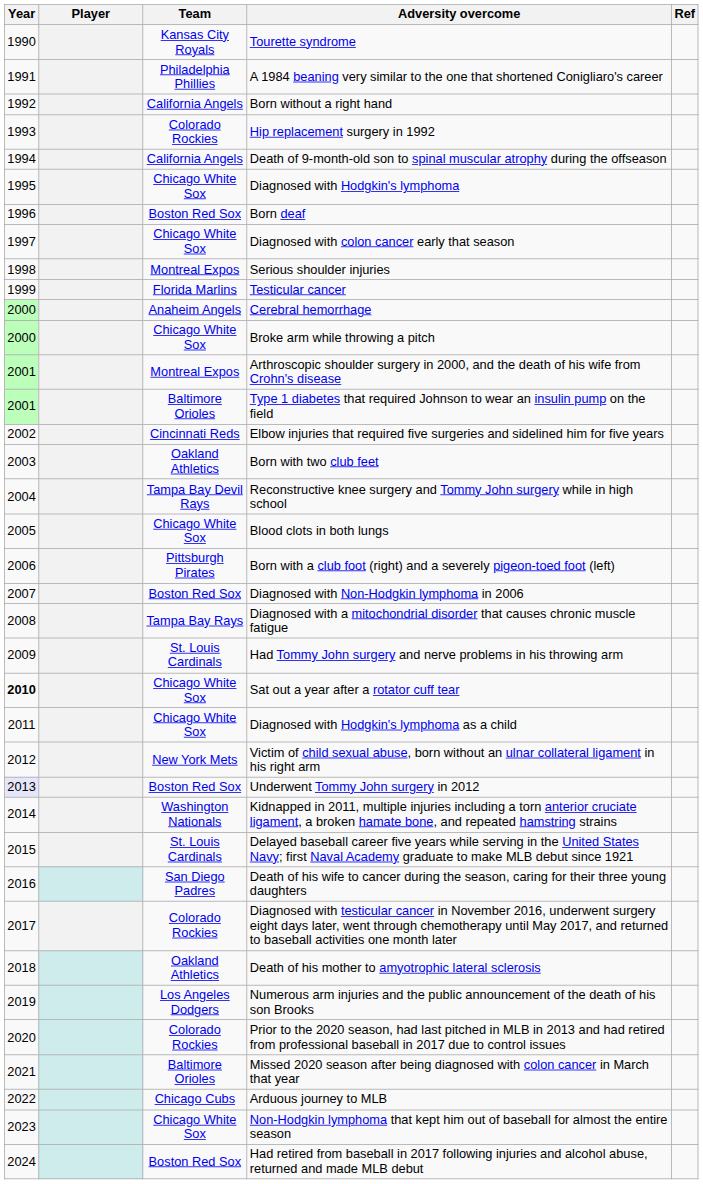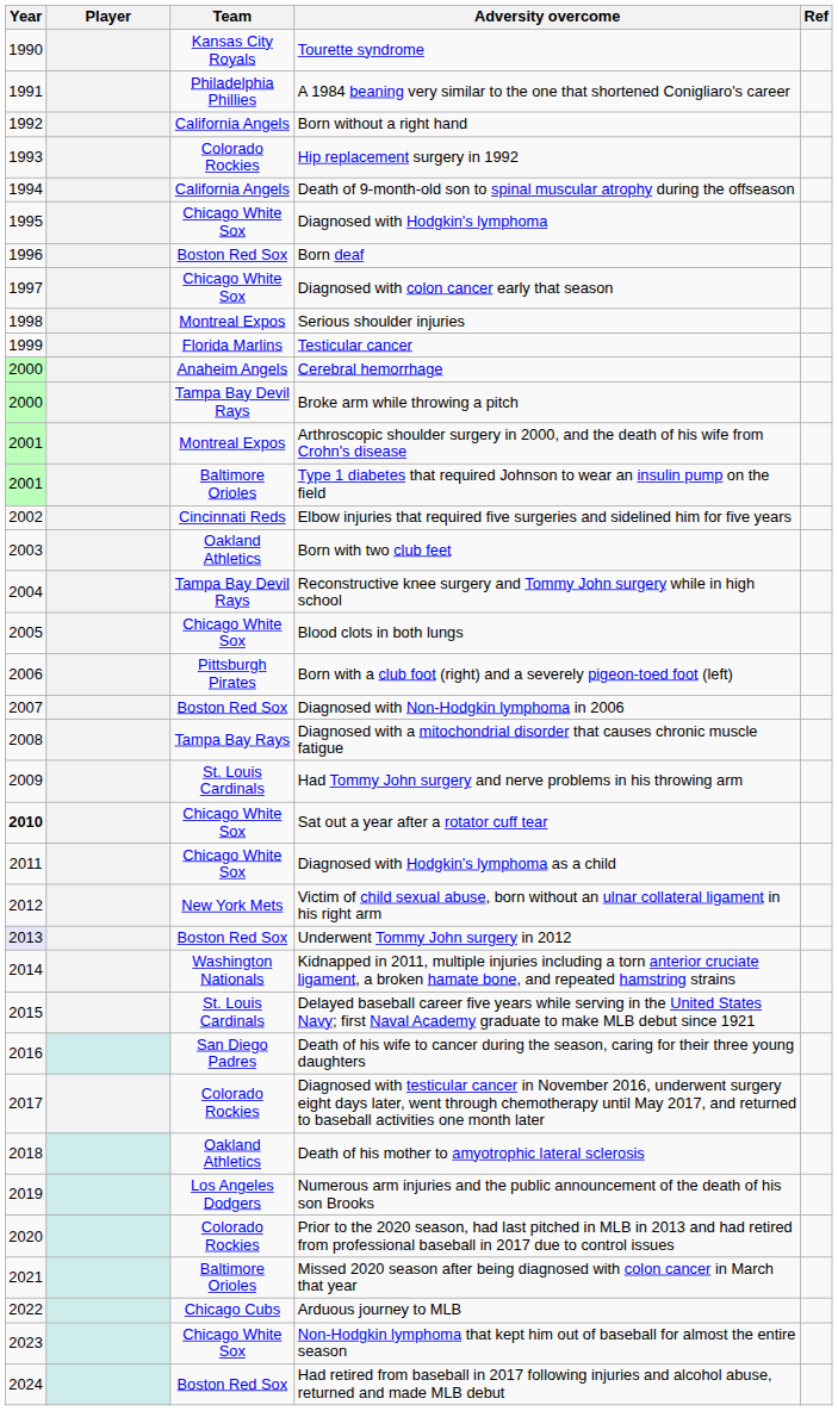 <table class="wikitable sortable plainrowheaders" style="text-align:center">
 <tr>
 <th scope"col">Year</th>
 <th scope"col" width=15%>Player</th>
 <th scope"col" width=15%>Team</th>
 <th scope"col" class=unsortable>Adversity overcome</th>
 <th scope"col" class=unsortable>Ref</th>
 </tr>
 <tr>
 <td>1990</td>
 <th scope="row" style="text-align:center;"></th>
 <td><a href='#'>Kansas City Royals</a></td>
 <td align=left><a href='#'>Tourette syndrome</a></td>
 <td></td>
 </tr>
 <tr>
 <td>1991</td>
 <th scope="row" style="text-align:center;"></th>
 <td><a href='#'>Philadelphia Phillies</a></td>
 <td align=left>A 1984 <a href='#'>beaning</a> very similar to the one that shortened Conigliaro's career</td>
 <td></td>
 </tr>
 <tr>
 <td>1992</td>
 <th scope="row" style="text-align:center;"></th>
 <td><a href='#'>California Angels</a></td>
 <td align=left>Born without a right hand</td>
 <td></td>
 </tr>
 <tr>
 <td>1993</td>
 <th scope="row" style="text-align:center;"></th>
 <td><a href='#'>Colorado Rockies</a></td>
 <td align=left><a href='#'>Hip replacement</a> surgery in 1992</td>
 <td></td>
 </tr>
 <tr>
 <td>1994</td>
 <th scope="row" style="text-align:center;"></th>
 <td><a href='#'>California Angels</a></td>
 <td align=left>Death of 9-month-old son to <a href='#'>spinal muscular atrophy</a> during the offseason</td>
 <td></td>
 </tr>
 <tr>
 <td>1995</td>
 <th scope="row" style="text-align:center;"></th>
 <td><a href='#'>Chicago White Sox</a></td>
 <td align=left>Diagnosed with <a href='#'>Hodgkin's lymphoma</a></td>
 <td></td>
 </tr>
 <tr>
 <td>1996</td>
 <th scope="row" style="text-align:center;"></th>
 <td><a href='#'>Boston Red Sox</a></td>
 <td align=left>Born <a href='#'>deaf</a></td>
 <td></td>
 </tr>
 <tr>
 <td>1997</td>
 <th scope="row" style="text-align:center;"></th>
 <td><a href='#'>Chicago White Sox</a></td>
 <td align=left>Diagnosed with <a href='#'>colon cancer</a> early that season</td>
 <td></td>
 </tr>
 <tr>
 <td>1998</td>
 <th scope="row" style="text-align:center;"></th>
 <td><a href='#'>Montreal Expos</a></td>
 <td align=left>Serious shoulder injuries</td>
 <td></td>
 </tr>
 <tr>
 <td>1999</td>
 <th scope="row" style="text-align:center;"></th>
 <td><a href='#'>Florida Marlins</a></td>
 <td align=left><a href='#'>Testicular cancer</a></td>
 <td></td>
 </tr>
 <tr>
 <td style="background:#bfb;">2000</td>
 <th scope="row" style="text-align:center;"></th>
 <td><a href='#'>Anaheim Angels</a></td>
 <td align=left><a href='#'>Cerebral hemorrhage</a></td>
 <td></td>
 </tr>
 <tr>
 <td style="background:#bfb;">2000</td>
 <th scope="row" style="text-align:center;"></th>
-<td><a href='#'>Chicago White Sox</a></td>
+<td><a href='#'>Tampa Bay Devil Rays</a></td>
 <td align=left>Broke arm while throwing a pitch</td>
 <td></td>
 </tr>
 <tr>
 <td style="background:#bfb;">2001</td>
 <th scope="row" style="text-align:center;"></th>
 <td><a href='#'>Montreal Expos</a></td>
 <td align=left>Arthroscopic shoulder surgery in 2000, and the death of his wife from <a href='#'>Crohn's disease</a></td>
 <td></td>
 </tr>
 <tr>
 <td style="background:#bfb;">2001</td>
 <th scope="row" style="text-align:center;"></th>
 <td><a href='#'>Baltimore Orioles</a></td>
 <td align=left><a href='#'>Type 1 diabetes</a> that required Johnson to wear an <a href='#'>insulin pump</a> on the field</td>
 <td></td>
 </tr>
 <tr>
 <td>2002</td>
 <th scope="row" style="text-align:center;"></th>
 <td><a href='#'>Cincinnati Reds</a></td>
 <td align=left>Elbow injuries that required five surgeries and sidelined him for five years</td>
 <td></td>
 </tr>
 <tr>
 <td>2003</td>
 <th scope="row" style="text-align:center;"></th>
 <td><a href='#'>Oakland Athletics</a></td>
 <td align=left>Born with two <a href='#'>club feet</a></td>
 <td></td>
 </tr>
 <tr>
 <td>2004</td>
 <th scope="row" style="text-align:center;"></th>
 <td><a href='#'>Tampa Bay Devil Rays</a></td>
 <td align=left>Reconstructive knee surgery and <a href='#'>Tommy John surgery</a> while in high school</td>
 <td></td>
 </tr>
 <tr>
 <td>2005</td>
 <th scope="row" style="text-align:center;"></th>
 <td><a href='#'>Chicago White Sox</a></td>
 <td align=left>Blood clots in both lungs</td>
 <td></td>
 </tr>
 <tr>
 <td>2006</td>
 <th scope="row" style="text-align:center;"></th>
 <td><a href='#'>Pittsburgh Pirates</a></td>
 <td align=left>Born with a <a href='#'>club foot</a> (right) and a severely <a href='#'>pigeon-toed foot</a> (left)</td>
 <td></td>
 </tr>
 <tr>
 <td>2007</td>
 <th scope="row" style="text-align:center"></th>
 <td><a href='#'>Boston Red Sox</a></td>
 <td align=left>Diagnosed with <a href='#'>Non-Hodgkin lymphoma</a> in 2006</td>
 <td></td>
 </tr>
 <tr>
 <td>2008</td>
 <th scope="row" style="text-align:center;"></th>
 <td><a href='#'>Tampa Bay Rays</a></td>
 <td align=left>Diagnosed with a <a href='#'>mitochondrial disorder</a> that causes chronic muscle fatigue</td>
 <td></td>
 </tr>
 <tr>
 <td>2009</td>
 <th scope="row" style="text-align:center;"></th>
 <td><a href='#'>St. Louis Cardinals</a></td>
 <td align=left>Had <a href='#'>Tommy John surgery</a> and nerve problems in his throwing arm</td>
 <td></td>
 </tr>
 <tr>
 <td><strong>2010</strong></td>
 <th scope="row" style="text-align:center"></th>
 <td><a href='#'>Chicago White Sox</a></td>
 <td align=left>Sat out a year after a <a href='#'>rotator cuff tear</a></td>
 <td></td>
 </tr>
 <tr>
 <td>2011</td>
 <th scope="row" style="text-align:center"></th>
 <td><a href='#'>Chicago White Sox</a></td>
 <td align=left>Diagnosed with <a href='#'>Hodgkin's lymphoma</a> as a child</td>
 <td></td>
 </tr>
 <tr>
 <td>2012</td>
 <th scope="row" style="text-align:center"></th>
 <td><a href='#'>New York Mets</a></td>
 <td align=left>Victim of <a href='#'>child sexual abuse</a>, born without an <a href='#'>ulnar collateral ligament</a> in his right arm</td>
 <td></td>
 </tr>
 <tr>
 <td style="background: lavender;">2013</td>
 <th scope="row" style="text-align:center"></th>
 <td><a href='#'>Boston Red Sox</a></td>
 <td align=left>Underwent <a href='#'>Tommy John surgery</a> in 2012</td>
 <td></td>
 </tr>
 <tr>
 <td>2014</td>
 <th scope="row" style="text-align:center"></th>
 <td><a href='#'>Washington Nationals</a></td>
 <td align=left>Kidnapped in 2011, multiple injuries including a torn <a href='#'>anterior cruciate ligament</a>, a broken <a href='#'>hamate bone</a>, and repeated <a href='#'>hamstring</a> strains</td>
 <td></td>
 </tr>
 <tr>
 <td>2015</td>
 <th scope="row" style="text-align:center;"></th>
 <td><a href='#'>St. Louis Cardinals</a></td>
 <td align=left>Delayed baseball career five years while serving in the <a href='#'>United States Navy</a>; first <a href='#'>Naval Academy</a> graduate to make MLB debut since 1921</td>
 <td></td>
 </tr>
 <tr>
 <td>2016</td>
 <th scope="row" style="text-align:center; background:#cfecec;"></th>
 <td><a href='#'>San Diego Padres</a></td>
 <td align=left>Death of his wife to cancer during the season, caring for their three young daughters</td>
 <td></td>
 </tr>
 <tr>
 <td>2017</td>
 <th scope="row" style="text-align:center"></th>
 <td><a href='#'>Colorado Rockies</a></td>
 <td align=left>Diagnosed with <a href='#'>testicular cancer</a> in November 2016, underwent surgery eight days later, went through chemotherapy until May 2017, and returned to baseball activities one month later</td>
 <td></td>
 </tr>
 <tr>
 <td>2018</td>
 <th scope="row" style="text-align:center; background:#cfecec;"></th>
 <td><a href='#'>Oakland Athletics</a></td>
 <td align=left>Death of his mother to <a href='#'>amyotrophic lateral sclerosis</a></td>
 <td></td>
 </tr>
 <tr>
 <td>2019</td>
 <th scope="row" style="text-align:center; background:#cfecec;"></th>
 <td><a href='#'>Los Angeles Dodgers</a></td>
 <td align=left>Numerous arm injuries and the public announcement of the death of his son Brooks</td>
 <td></td>
 </tr>
 <tr>
 <td>2020</td>
 <th scope="row" style="text-align:center; background:#cfecec;"></th>
 <td><a href='#'>Colorado Rockies</a></td>
 <td align=left>Prior to the 2020 season, had last pitched in MLB in 2013 and had retired from professional baseball in 2017 due to control issues</td>
 <td></td>
 </tr>
 <tr>
 <td>2021</td>
 <th scope="row" style="text-align:center; background:#cfecec;"></th>
 <td><a href='#'>Baltimore Orioles</a></td>
 <td align=left>Missed 2020 season after being diagnosed with <a href='#'>colon cancer</a> in March that year</td>
 <td></td>
 </tr>
 <tr>
 <td>2022</td>
 <th scope="row" style="text-align:center; background:#cfecec;"></th>
 <td><a href='#'>Chicago Cubs</a></td>
 <td align=left>Arduous journey to MLB</td>
 <td></td>
 </tr>
 <tr>
 <td>2023</td>
 <th scope="row" style="text-align:center; background:#cfecec;"></th>
 <td><a href='#'>Chicago White Sox</a></td>
 <td align=left><a href='#'>Non-Hodgkin lymphoma</a> that kept him out of baseball for almost the entire season</td>
 <td></td>
 </tr>
 <tr>
 <td>2024</td>
 <th scope="row" style="text-align:center; background:#cfecec;"></th>
 <td><a href='#'>Boston Red Sox</a></td>
 <td align=left>Had retired from baseball in 2017 following injuries and alcohol abuse, returned and made MLB debut</td>
 <td></td>
 </tr>
 </table>
